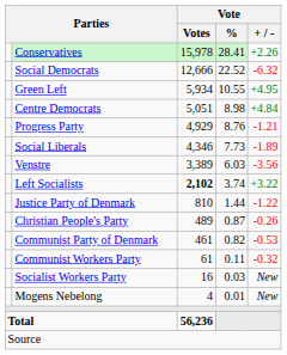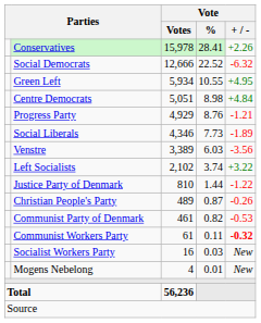 <table class="wikitable" style="text-align:right;">
 <tr>
 <th style="text-align:centre;" rowspan="2" colspan="2" width="225">Parties</th>
 <th colspan="3">Vote</th>
 </tr>
 <tr>
 <th width="15">Votes</th>
 <th width="15">%</th>
 <th width="15">+ / -</th>
 </tr>
 <tr>
 <td width="2" style="color:inherit;background:"></td>
 <td bgcolor=#ccf7cc  align="left"><a href='#'>Conservatives</a></td>
 <td bgcolor=#ccf7cc>15,978</td>
 <td bgcolor=#ccf7cc>28.41</td>
 <td style=color:green;>+2.26</td>
 </tr>
 <tr>
 <td width="2" style="color:inherit;background:"></td>
 <td align="left"><a href='#'>Social Democrats</a></td>
 <td>12,666</td>
 <td>22.52</td>
 <td style=color:red;>-6.32</td>
 </tr>
 <tr>
 <td width="2" style="color:inherit;background:"></td>
 <td align="left"><a href='#'>Green Left</a></td>
 <td>5,934</td>
 <td>10.55</td>
 <td style=color:green;>+4.95</td>
 </tr>
 <tr>
 <td width="2" style="color:inherit;background:"></td>
 <td align="left"><a href='#'>Centre Democrats</a></td>
 <td>5,051</td>
 <td>8.98</td>
 <td style=color:green;>+4.84</td>
 </tr>
 <tr>
 <td width="2" style="color:inherit;background:"></td>
 <td align="left"><a href='#'>Progress Party</a></td>
 <td>4,929</td>
 <td>8.76</td>
 <td style=color:red;>-1.21</td>
 </tr>
 <tr>
 <td width="2" style="color:inherit;background:"></td>
 <td align="left"><a href='#'>Social Liberals</a></td>
 <td>4,346</td>
 <td>7.73</td>
 <td style=color:red;>-1.89</td>
 </tr>
 <tr>
 <td width="2" style="color:inherit;background:"></td>
 <td align="left"><a href='#'>Venstre</a></td>
 <td>3,389</td>
 <td>6.03</td>
 <td style=color:red;>-3.56</td>
 </tr>
 <tr>
 <td width="2" style="color:inherit;background:"></td>
 <td align="left"><a href='#'>Left Socialists</a></td>
-<td><strong>2,102</strong></td>
+<td>2,102</td>
 <td>3.74</td>
 <td style=color:green;>+3.22</td>
 </tr>
 <tr>
 <td width="2" style="color:inherit;background:"></td>
 <td align="left"><a href='#'>Justice Party of Denmark</a></td>
 <td>810</td>
 <td>1.44</td>
 <td style=color:red;>-1.22</td>
 </tr>
 <tr>
 <td width="2" style="color:inherit;background:"></td>
 <td align="left"><a href='#'>Christian People's Party</a></td>
 <td>489</td>
 <td>0.87</td>
 <td style=color:red;>-0.26</td>
 </tr>
 <tr>
 <td width="2" style="color:inherit;background:"></td>
 <td align="left"><a href='#'>Communist Party of Denmark</a></td>
 <td>461</td>
 <td>0.82</td>
 <td style=color:red;>-0.53</td>
 </tr>
 <tr>
 <td width="2" style="color:inherit;background:"></td>
 <td align="left"><a href='#'>Communist Workers Party</a></td>
 <td>61</td>
 <td>0.11</td>
-<td style=color:red;>-0.32</td>
+<td style=color:red;><strong>-0.32</strong></td>
 </tr>
 <tr>
 <td width="2" style="color:inherit;background:"></td>
 <td align="left"><a href='#'>Socialist Workers Party</a></td>
 <td>16</td>
 <td>0.03</td>
 <td><em>New</em></td>
 </tr>
 <tr>
 <td width="2" style="color:inherit;background:"></td>
 <td align="left">Mogens Nebelong</td>
 <td>4</td>
 <td>0.01</td>
 <td><em>New</em></td>
 </tr>
 <tr>
 <td colspan="7" bgcolor="#E9E9E9"></td>
 </tr>
 <tr>
 <td align="left" colspan="2"><strong>Total</strong></td>
 <td><strong>56,236</strong></td>
 <td bgcolor="#E9E9E9" colspan="2"></td>
 </tr>
 <tr>
 <td align="left" colspan="6">Source</td>
 </tr>
 </table>
